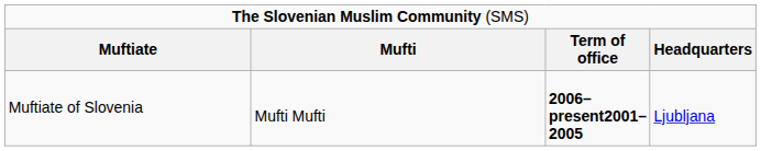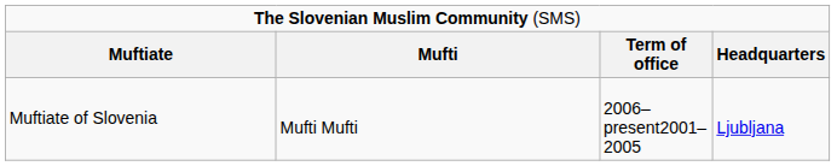 <table class=wikitable>
 <tr>
 <td colspan=4 align=center><strong>The Slovenian Muslim Community</strong> (SMS)</td>
 </tr>
 <tr>
 <th scope="row" width="250">Muftiate</th>
 <th scope="row" width="300">Mufti</th>
 <th scope="row" width="100">Term of office</th>
 <th scope="row" width="100">Headquarters</th>
 </tr>
 <tr>
 <td>Muftiate of Slovenia</td>
 <td><br>Mufti Mufti </td>
-<td><strong><br>2006–present2001–2005</strong></td>
+<td><br>2006–present2001–2005</td>
 <td><br><a href='#'>Ljubljana</a></td>
 </tr>
 </table>
